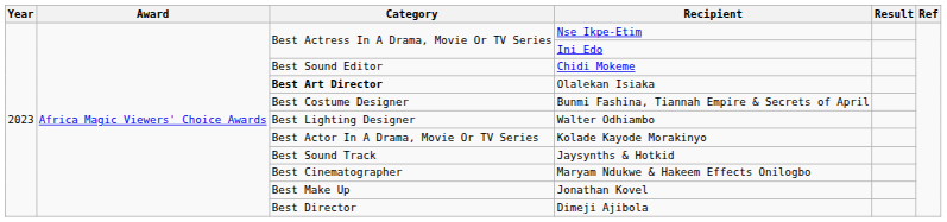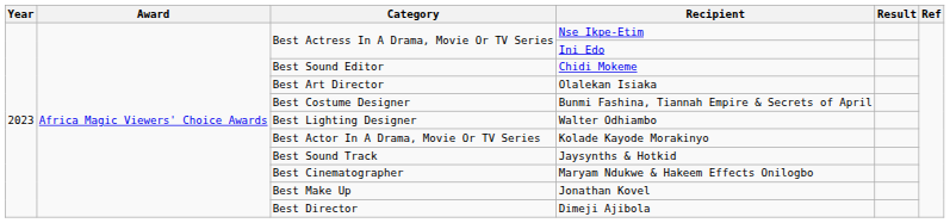 <table class="wikitable">
 <tr>
 <th>Year</th>
 <th>Award</th>
 <th>Category</th>
 <th>Recipient</th>
 <th>Result</th>
 <th>Ref</th>
 </tr>
 <tr>
 <td rowspan="11">2023</td>
 <td rowspan="11"><a href='#'>Africa Magic Viewers' Choice Awards</a></td>
 <td rowspan="2">Best Actress In A Drama, Movie Or TV Series</td>
 <td><a href='#'>Nse Ikpe-Etim</a></td>
 <td></td>
 <td rowspan="11"></td>
 </tr>
 <tr>
 <td><a href='#'>Ini Edo</a></td>
 <td></td>
 </tr>
 <tr>
 <td>Best Sound Editor</td>
 <td><a href='#'>Chidi Mokeme</a></td>
 <td></td>
 </tr>
 <tr>
-<td><strong>Best Art Director</strong></td>
+<td>Best Art Director</td>
 <td>Olalekan Isiaka</td>
 <td></td>
 </tr>
 <tr>
 <td>Best Costume Designer</td>
 <td>Bunmi Fashina, Tiannah Empire & Secrets of April</td>
 <td></td>
 </tr>
 <tr>
 <td>Best Lighting Designer</td>
 <td>Walter Odhiambo</td>
 <td></td>
 </tr>
 <tr>
 <td>Best Actor In A Drama, Movie Or TV Series</td>
 <td>Kolade Kayode Morakinyo</td>
 <td></td>
 </tr>
 <tr>
 <td>Best Sound Track</td>
 <td>Jaysynths & Hotkid</td>
 <td></td>
 </tr>
 <tr>
 <td>Best Cinematographer</td>
 <td>Maryam Ndukwe & Hakeem Effects Onilogbo</td>
 <td></td>
 </tr>
 <tr>
 <td>Best Make Up</td>
 <td>Jonathan Kovel</td>
 <td></td>
 </tr>
 <tr>
 <td>Best Director</td>
 <td>Dimeji Ajibola</td>
 <td></td>
 </tr>
 </table>
